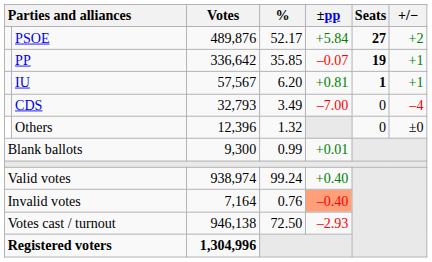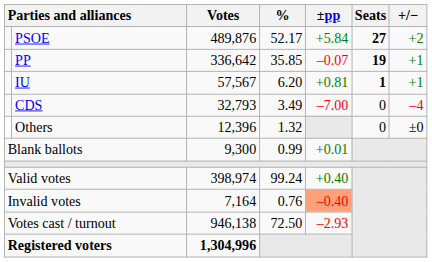 <table class="wikitable" style="text-align:right;">
 <tr>
 <th style="text-align:left;" colspan="2" width="200">Parties and alliances</th>
 <th width="75">Votes</th>
 <th width="45">%</th>
 <th width="45">±<a href='#'>pp</a></th>
 <th width="35">Seats</th>
 <th width="35">+/−</th>
 </tr>
 <tr>
 <td width="1" style="color:inherit;background:"></td>
 <td align="left"><a href='#'>PSOE</a></td>
 <td>489,876</td>
 <td>52.17</td>
 <td style="color:green;">+5.84</td>
 <td><strong>27</strong></td>
 <td style="color:green;">+2</td>
 </tr>
 <tr>
 <td style="color:inherit;background:"></td>
 <td align="left"><a href='#'>PP</a></td>
 <td>336,642</td>
 <td>35.85</td>
 <td style="color:red;">–0.07</td>
 <td><strong>19</strong></td>
 <td style="color:green;">+1</td>
 </tr>
 <tr>
 <td style="color:inherit;background:"></td>
 <td align="left"><a href='#'>IU</a></td>
 <td>57,567</td>
 <td>6.20</td>
 <td style="color:green;">+0.81</td>
 <td><strong>1</strong></td>
 <td style="color:green;">+1</td>
 </tr>
 <tr>
 <td style="color:inherit;background:"></td>
 <td align="left"><a href='#'>CDS</a></td>
 <td>32,793</td>
 <td>3.49</td>
 <td style="color:red;">–7.00</td>
 <td>0</td>
 <td style="color:red;">–4</td>
 </tr>
 <tr>
 <td bgcolor="white"></td>
 <td align="left">Others</td>
 <td>12,396</td>
 <td>1.32</td>
 <td bgcolor="#E9E9E9"></td>
 <td>0</td>
 <td>±0</td>
 </tr>
 <tr>
 <td align="left" colspan="2">Blank ballots</td>
 <td>9,300</td>
 <td>0.99</td>
 <td style="color:green;">+0.01</td>
 <td bgcolor="#E9E9E9" colspan="2"></td>
 </tr>
 <tr>
 <td colspan="7" bgcolor="#E9E9E9"></td>
 </tr>
 <tr>
 <td align="left" colspan="2">Valid votes</td>
-<td>938,974</td>
+<td>398,974</td>
 <td>99.24</td>
 <td style="color:green;">+0.40</td>
 <td bgcolor="#E9E9E9" colspan="2" rowspan="4"></td>
 </tr>
 <tr>
 <td align="left" colspan="2">Invalid votes</td>
 <td>7,164</td>
 <td>0.76</td>
 <td style="background: lightsalmon; color:red;">–0.40</td>
 </tr>
 <tr>
 <td align="left" colspan="2">Votes cast / turnout</td>
 <td>946,138</td>
 <td>72.50</td>
 <td style="color:red;">–2.93</td>
 </tr>
 <tr style="font-weight:bold;">
 <td align="left" colspan="2">Registered voters</td>
 <td>1,304,996</td>
 <td bgcolor="#E9E9E9" colspan="2"></td>
 </tr>
 </table>
